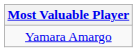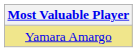 <table class=wikitable style="text-align:center">
 <tr>
 <th><a href='#'>Most Valuable Player</a></th>
 </tr>
 <tr>
-<td> <a href='#'>Yamara Amargo</a></td>
+<td style="background: khaki;"> <a href='#'>Yamara Amargo</a></td>
 </tr>
 </table>
